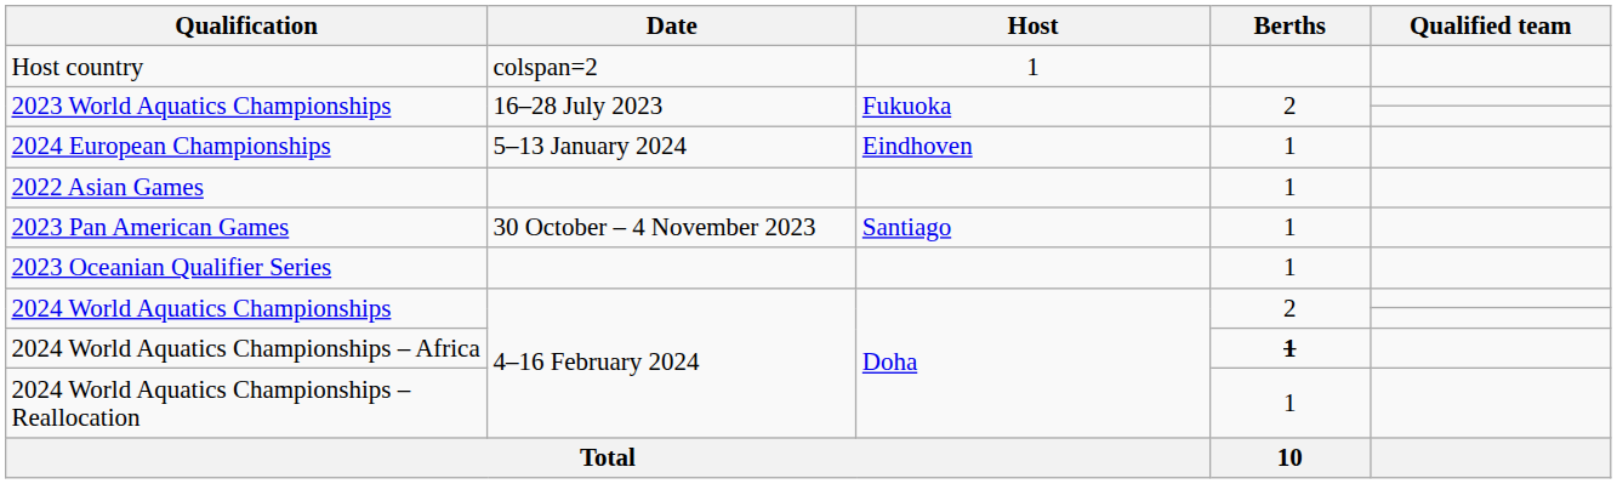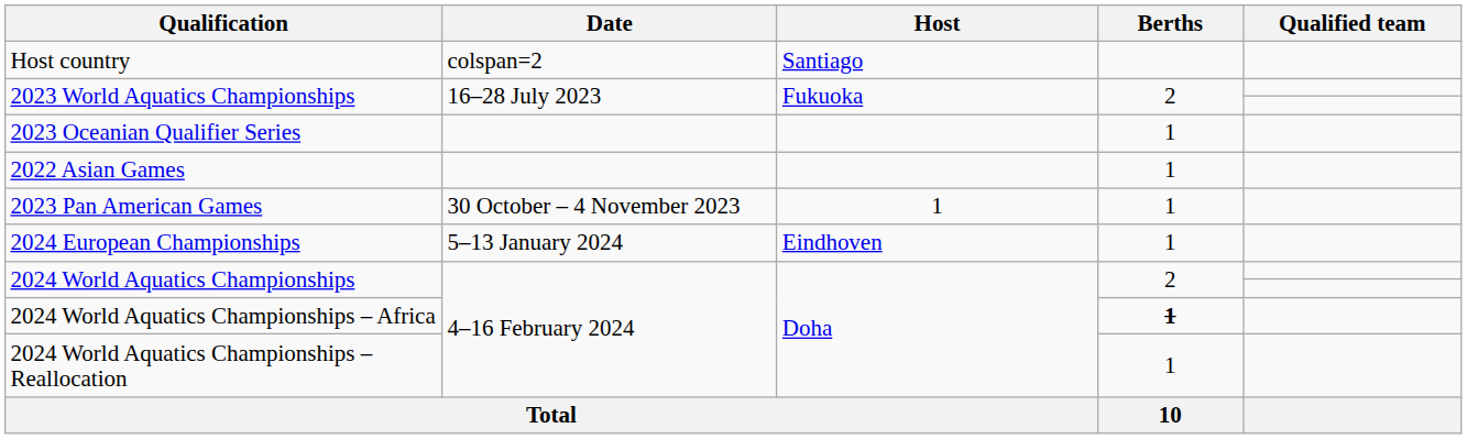 <table class="wikitable" width=80%>
 <tr>
 <th width=30%>Qualification</th>
 <th width=23%>Date</th>
 <th width=22%>Host</th>
 <th width=10%>Berths</th>
 <th width=15%>Qualified team</th>
 </tr>
 <tr>
 <td>Host country</td>
 <td>colspan=2 </td>
-<td align=center>1</td>
+<td> <a href='#'>Santiago</a></td>
 <td></td>
 </tr>
 <tr>
 <td rowspan=2><a href='#'>2023 World Aquatics Championships</a></td>
 <td rowspan=2>16–28 July 2023</td>
 <td rowspan=2> <a href='#'>Fukuoka</a></td>
 <td rowspan=2 align="center">2</td>
 <td></td>
 </tr>
 <tr>
 <td></td>
 </tr>
 <tr>
-<td><a href='#'>2024 European Championships</a></td>
-<td>5–13 January 2024</td>
-<td> <a href='#'>Eindhoven</a></td>
+<td><a href='#'>2023 Oceanian Qualifier Series</a></td>
+<td></td>
+<td></td>
 <td align=center>1</td>
 <td></td>
 </tr>
 <tr>
 <td><a href='#'>2022 Asian Games</a></td>
 <td></td>
 <td></td>
 <td align=center>1</td>
 <td></td>
 </tr>
 <tr>
 <td><a href='#'>2023 Pan American Games</a></td>
 <td>30 October – 4 November 2023</td>
-<td> <a href='#'>Santiago</a></td>
+<td align=center>1</td>
 <td align=center>1</td>
 <td></td>
 </tr>
 <tr>
-<td><a href='#'>2023 Oceanian Qualifier Series</a></td>
-<td></td>
-<td></td>
+<td><a href='#'>2024 European Championships</a></td>
+<td>5–13 January 2024</td>
+<td> <a href='#'>Eindhoven</a></td>
 <td align=center>1</td>
 <td></td>
 </tr>
 <tr>
 <td rowspan=2><a href='#'>2024 World Aquatics Championships</a></td>
 <td rowspan=4>4–16 February 2024</td>
 <td rowspan=4> <a href='#'>Doha</a></td>
 <td rowspan=2 align=center>2</td>
 <td></td>
 </tr>
 <tr>
 <td></td>
 </tr>
 <tr>
 <td>2024 World Aquatics Championships – Africa</td>
 <td align=center><strong><s>1</s></strong></td>
 <td><s></s></td>
 </tr>
 <tr>
 <td>2024 World Aquatics Championships – Reallocation</td>
 <td align=center>1</td>
 <td></td>
 </tr>
 <tr>
 <th colspan=3>Total</th>
 <th>10</th>
 <th></th>
 </tr>
 </table>
